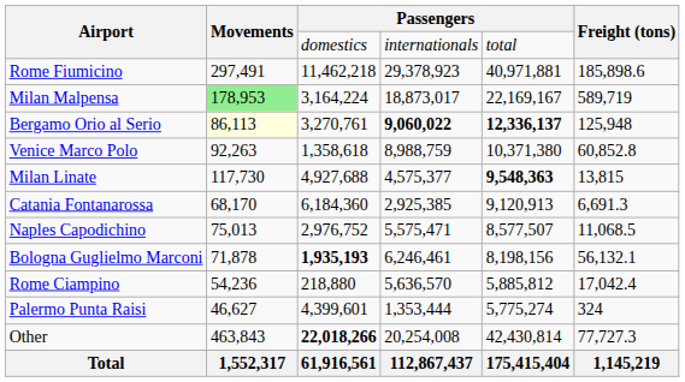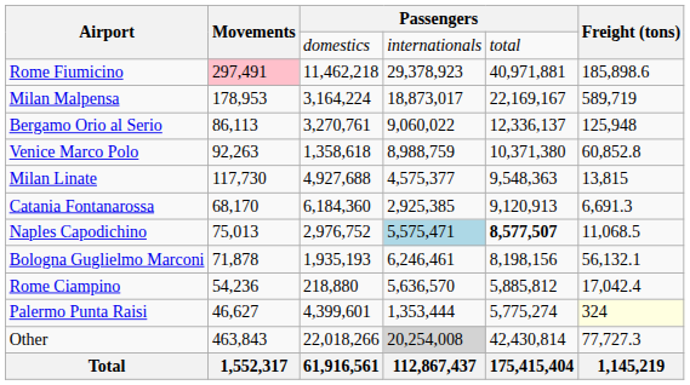 <table class="wikitable">
 <tr>
 <th rowspan=2>Airport</th>
 <th rowspan=2>Movements</th>
 <th colspan=3>Passengers</th>
 <th rowspan=2>Freight (tons)</th>
 </tr>
 <tr>
 <td><em>domestics</em></td>
 <td><em>internationals</em></td>
 <td><em>total</em></td>
 </tr>
 <tr>
 <td><a href='#'>Rome Fiumicino</a></td>
-<td>297,491</td>
+<td style="background: pink;">297,491</td>
 <td>11,462,218</td>
 <td>29,378,923</td>
 <td>40,971,881</td>
 <td>185,898.6</td>
 </tr>
 <tr>
 <td><a href='#'>Milan Malpensa</a></td>
-<td style="background: lightgreen;">178,953</td>
+<td>178,953</td>
 <td>3,164,224</td>
 <td>18,873,017</td>
 <td>22,169,167</td>
 <td>589,719</td>
 </tr>
 <tr>
 <td><a href='#'>Bergamo Orio al Serio</a></td>
-<td style="background: lightyellow;">86,113</td>
+<td>86,113</td>
 <td>3,270,761</td>
-<td><strong>9,060,022</strong></td>
-<td><strong>12,336,137</strong></td>
+<td>9,060,022</td>
+<td>12,336,137</td>
 <td>125,948</td>
 </tr>
 <tr>
 <td><a href='#'>Venice Marco Polo</a></td>
 <td>92,263</td>
 <td>1,358,618</td>
 <td>8,988,759</td>
 <td>10,371,380</td>
 <td>60,852.8</td>
 </tr>
 <tr>
 <td><a href='#'>Milan Linate</a></td>
 <td>117,730</td>
 <td>4,927,688</td>
 <td>4,575,377</td>
-<td><strong>9,548,363</strong></td>
+<td>9,548,363</td>
 <td>13,815</td>
 </tr>
 <tr>
 <td><a href='#'>Catania Fontanarossa</a></td>
 <td>68,170</td>
 <td>6,184,360</td>
 <td>2,925,385</td>
 <td>9,120,913</td>
 <td>6,691.3</td>
 </tr>
 <tr>
 <td><a href='#'>Naples Capodichino</a></td>
 <td>75,013</td>
 <td>2,976,752</td>
-<td>5,575,471</td>
-<td>8,577,507</td>
+<td style="background: lightblue;">5,575,471</td>
+<td><strong>8,577,507</strong></td>
 <td>11,068.5</td>
 </tr>
 <tr>
 <td><a href='#'>Bologna Guglielmo Marconi</a></td>
 <td>71,878</td>
-<td><strong>1,935,193</strong></td>
+<td>1,935,193</td>
 <td>6,246,461</td>
 <td>8,198,156</td>
 <td>56,132.1</td>
 </tr>
 <tr>
 <td><a href='#'>Rome Ciampino</a></td>
 <td>54,236</td>
 <td>218,880</td>
 <td>5,636,570</td>
 <td>5,885,812</td>
 <td>17,042.4</td>
 </tr>
 <tr>
 <td><a href='#'>Palermo Punta Raisi</a></td>
 <td>46,627</td>
 <td>4,399,601</td>
 <td>1,353,444</td>
 <td>5,775,274</td>
-<td>324</td>
+<td style="background: lightyellow;">324</td>
 </tr>
 <tr class="sortbottom">
 <td>Other</td>
 <td>463,843</td>
-<td><strong>22,018,266</strong></td>
-<td>20,254,008</td>
+<td>22,018,266</td>
+<td style="background: lightgrey;">20,254,008</td>
 <td>42,430,814</td>
 <td>77,727.3</td>
 </tr>
 <tr class="sortbottom">
 <th>Total</th>
 <th>1,552,317</th>
 <th>61,916,561</th>
 <th>112,867,437</th>
 <th>175,415,404</th>
 <th>1,145,219</th>
 </tr>
 </table>
